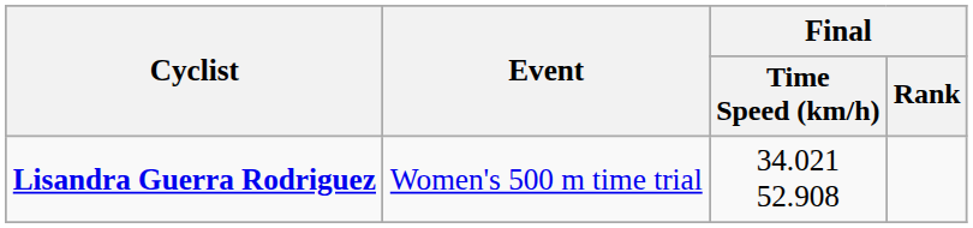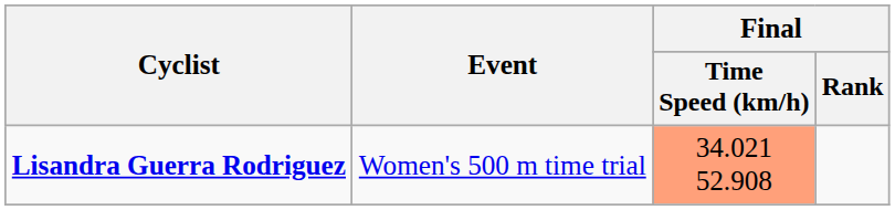 <table class="wikitable" style="font-size:90%">
 <tr>
 <th rowspan="2">Cyclist</th>
 <th rowspan="2">Event</th>
 <th colspan=2>Final</th>
 </tr>
 <tr style="font-size:95%">
 <th>Time<br>Speed (km/h)</th>
 <th>Rank</th>
 </tr>
 <tr align=center>
 <td align=left><strong><a href='#'>Lisandra Guerra Rodriguez</a></strong></td>
 <td align=left><a href='#'>Women's 500 m time trial</a></td>
-<td>34.021<br>52.908</td>
+<td style="background: lightsalmon;">34.021<br>52.908</td>
 <td></td>
 </tr>
 </table>
